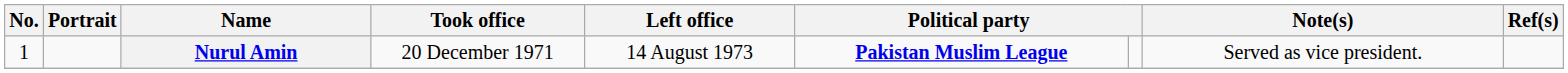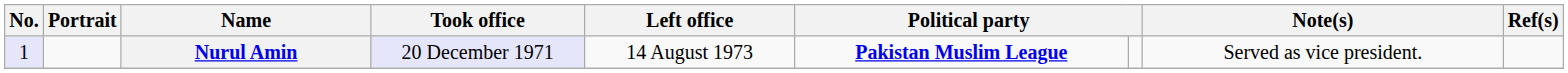 <table class="wikitable" style="text-align:center;">
 <tr List of Prime Ministers>
 <th width=1%>No.</th>
 <th style="width:100px;">Portrait</th>
 <th width=18%>Name<br></th>
 <th width=15%>Took office</th>
 <th width=15%>Left office</th>
 <th colspan="2" width=25%>Political party<br></th>
 <th width=36%>Note(s)</th>
 <th width=8%>Ref(s)</th>
 </tr>
 <tr>
-<td align="center">1</td>
+<td align="center" style="background: lavender;">1</td>
 <td align="center"></td>
 <th scope=row align="center"><a href='#'>Nurul Amin</a><br></th>
-<td align="center">20 December 1971</td>
+<td align="center" style="background: lavender;">20 December 1971</td>
 <td align="center">14 August 1973</td>
 <td align="center"><strong><a href='#'>Pakistan Muslim League</a></strong></td>
 <td align=center style="background-color: "></td>
 <td>Served as vice president.</td>
 <td align="center"></td>
 </tr>
 <tr>
 </tr>
 </table>
